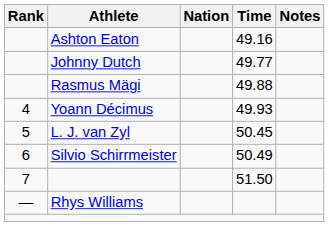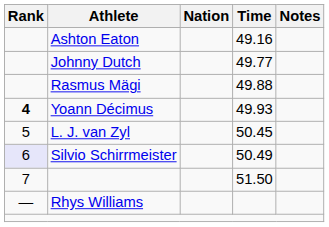 <table class="wikitable sortable" style="text-align:center;">
 <tr>
 <th scope="col" style="width: 10px;">Rank</th>
 <th scope="col">Athlete</th>
 <th scope="col">Nation</th>
 <th scope="col">Time</th>
 <th scope="col">Notes</th>
 </tr>
 <tr>
 <td></td>
 <td align=left><a href='#'>Ashton Eaton</a></td>
 <td align=left></td>
 <td>49.16</td>
 <td></td>
 </tr>
 <tr>
 <td></td>
 <td align=left><a href='#'>Johnny Dutch</a></td>
 <td align=left></td>
 <td>49.77</td>
 <td></td>
 </tr>
 <tr>
 <td></td>
 <td align=left><a href='#'>Rasmus Mägi</a></td>
 <td align=left></td>
 <td>49.88</td>
 <td></td>
 </tr>
 <tr>
-<td>4</td>
+<td><strong>4</strong></td>
 <td align=left><a href='#'>Yoann Décimus</a></td>
 <td align=left></td>
 <td>49.93</td>
 <td></td>
 </tr>
 <tr>
 <td>5</td>
 <td align=left><a href='#'>L. J. van Zyl</a></td>
 <td align=left></td>
 <td>50.45</td>
 <td></td>
 </tr>
 <tr>
-<td>6</td>
+<td style="background: lavender;">6</td>
 <td align=left><a href='#'>Silvio Schirrmeister</a></td>
 <td align=left></td>
 <td>50.49</td>
 <td></td>
 </tr>
 <tr>
 <td>7</td>
 <td align=left></td>
 <td align=left></td>
 <td>51.50</td>
 <td></td>
 </tr>
 <tr>
 <td>—</td>
 <td align=left><a href='#'>Rhys Williams</a></td>
 <td align=left></td>
 <td></td>
 <td></td>
 </tr>
 <tr class="sortbottom">
 <td colspan="5"></td>
 </tr>
 </table>
